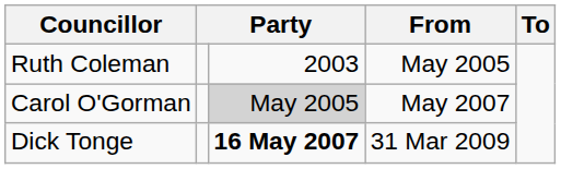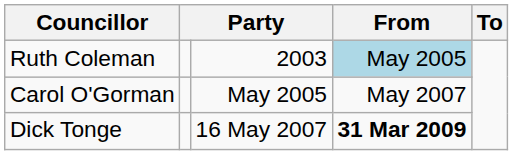 <table class=wikitable>
 <tr>
 <th>Councillor</th>
 <th colspan=2>Party</th>
 <th>From</th>
 <th>To</th>
 </tr>
 <tr>
 <td>Ruth Coleman</td>
 <td></td>
 <td align=right>2003</td>
-<td align=right>May 2005</td>
+<td align=right style="background: lightblue;">May 2005</td>
 </tr>
 <tr>
 <td>Carol O'Gorman</td>
 <td></td>
-<td align=right style="background: lightgrey;">May 2005</td>
+<td align=right>May 2005</td>
 <td align=right>May 2007</td>
 </tr>
 <tr>
 <td>Dick Tonge</td>
 <td></td>
-<td align=right><strong>16 May 2007</strong></td>
-<td align=right>31 Mar 2009</td>
+<td align=right>16 May 2007</td>
+<td align=right><strong>31 Mar 2009</strong></td>
 </tr>
 </table>
